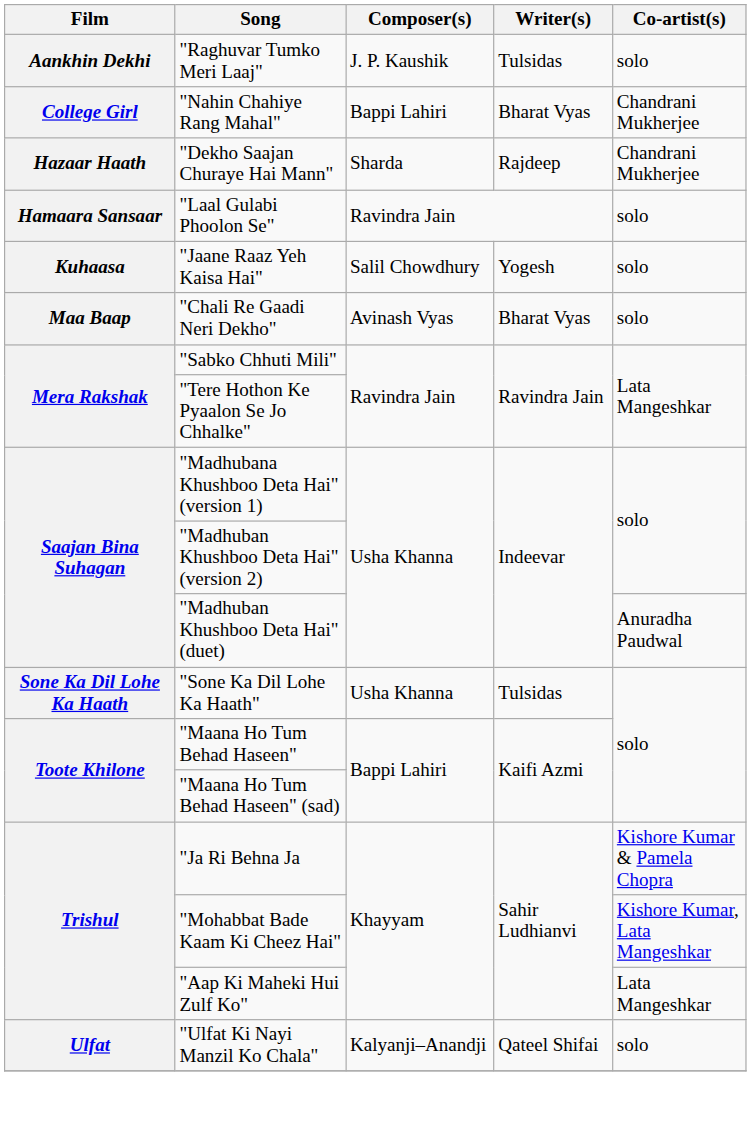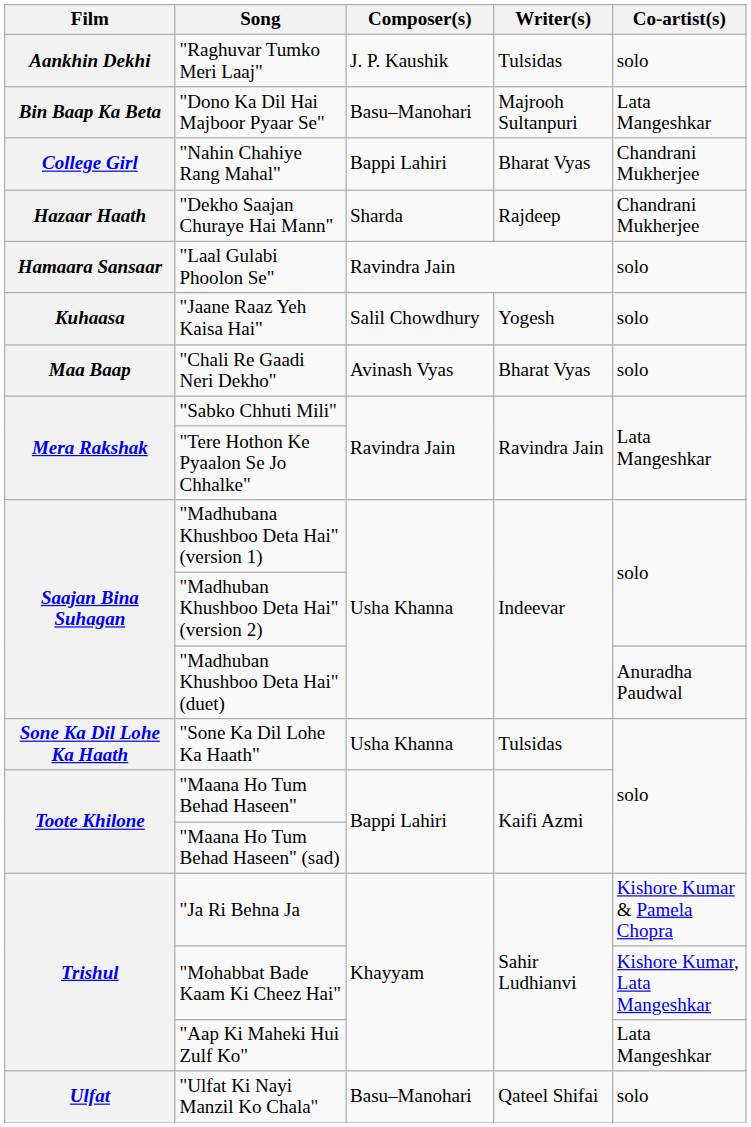 <table class="wikitable plainrowheaders" style="width:100%;" textcolor:#000;">
 <tr style="background:#b0e0e66;">
 <th scope="col" style="width:23%;"><strong>Film</strong></th>
 <th scope="col" style="width:23%;"><strong>Song</strong></th>
 <th scope="col" style="width:20%;"><strong>Composer(s)</strong></th>
 <th scope="col" style="width:16%;"><strong>Writer(s)</strong></th>
 <th scope="col" style="width:18%;"><strong>Co-artist(s)</strong></th>
 </tr>
 <tr>
 <th><em>Aankhin Dekhi</em></th>
 <td>"Raghuvar Tumko Meri Laaj"</td>
 <td>J. P. Kaushik</td>
 <td>Tulsidas</td>
 <td>solo</td>
+</tr>
+<tr>
+<th><em>Bin Baap Ka Beta</em></th>
+<td>"Dono Ka Dil Hai Majboor Pyaar Se"</td>
+<td>Basu–Manohari</td>
+<td>Majrooh Sultanpuri</td>
+<td>Lata Mangeshkar</td>
 </tr>
 <tr>
 <th><em><a href='#'>College Girl</a></em></th>
 <td>"Nahin Chahiye Rang Mahal"</td>
 <td>Bappi Lahiri</td>
 <td>Bharat Vyas</td>
 <td>Chandrani Mukherjee</td>
 </tr>
 <tr>
 <th><em>Hazaar Haath</em></th>
 <td>"Dekho Saajan Churaye Hai Mann"</td>
 <td>Sharda</td>
 <td>Rajdeep</td>
 <td>Chandrani Mukherjee</td>
 </tr>
 <tr>
 <th><em>Hamaara Sansaar</em></th>
 <td>"Laal Gulabi Phoolon Se"</td>
 <td colspan=2>Ravindra Jain</td>
 <td>solo</td>
 </tr>
 <tr>
 <th><em>Kuhaasa</em></th>
 <td>"Jaane Raaz Yeh Kaisa Hai"</td>
 <td>Salil Chowdhury</td>
 <td>Yogesh</td>
 <td>solo</td>
 </tr>
 <tr>
 <th><em>Maa Baap</em></th>
 <td>"Chali Re Gaadi Neri Dekho"</td>
 <td>Avinash Vyas</td>
 <td>Bharat Vyas</td>
 <td>solo</td>
 </tr>
 <tr>
 <th Rowspan=2><em><a href='#'>Mera Rakshak</a></em></th>
 <td>"Sabko Chhuti Mili"</td>
 <td rowspan=2>Ravindra Jain</td>
 <td Rowspan=2>Ravindra Jain</td>
 <td rowspan=2>Lata Mangeshkar</td>
 </tr>
 <tr>
 <td>"Tere Hothon Ke Pyaalon Se Jo Chhalke"</td>
 </tr>
 <tr>
 <th Rowspan=3><em><a href='#'>Saajan Bina Suhagan</a></em></th>
 <td>"Madhubana Khushboo Deta Hai" (version 1)</td>
 <td rowspan=3>Usha Khanna</td>
 <td rowspan=3>Indeevar</td>
 <td Rowspan=2>solo</td>
 </tr>
 <tr>
 <td>"Madhuban Khushboo Deta Hai" (version 2)</td>
 </tr>
 <tr>
 <td>"Madhuban Khushboo Deta Hai" (duet)</td>
 <td>Anuradha Paudwal</td>
 </tr>
 <tr>
 <th><em><a href='#'>Sone Ka Dil Lohe Ka Haath</a></em></th>
 <td>"Sone Ka Dil Lohe Ka Haath"</td>
 <td>Usha Khanna</td>
 <td>Tulsidas</td>
 <td Rowspan=3>solo</td>
 </tr>
 <tr>
 <th Rowspan=2><em><a href='#'>Toote Khilone</a></em></th>
 <td>"Maana Ho Tum Behad Haseen"</td>
 <td rowspan=2>Bappi Lahiri</td>
 <td Rowspan=2>Kaifi Azmi</td>
 </tr>
 <tr>
 <td>"Maana Ho Tum Behad Haseen" (sad)</td>
 </tr>
 <tr>
 <th Rowspan=3><em><a href='#'>Trishul</a></em></th>
 <td>"Ja Ri Behna Ja</td>
 <td Rowspan=3>Khayyam</td>
 <td rowspan=3>Sahir Ludhianvi</td>
 <td><a href='#'>Kishore Kumar</a> & <a href='#'>Pamela Chopra</a></td>
 </tr>
 <tr>
 <td>"Mohabbat Bade Kaam Ki Cheez Hai"</td>
 <td><a href='#'>Kishore Kumar</a>, <a href='#'>Lata Mangeshkar</a></td>
 </tr>
 <tr l>
 <td>"Aap Ki Maheki Hui Zulf Ko"</td>
 <td>Lata Mangeshkar</td>
 </tr>
 <tr>
 <th><em><a href='#'>Ulfat</a></em></th>
 <td>"Ulfat Ki Nayi Manzil Ko Chala"</td>
-<td>Kalyanji–Anandji</td>
+<td>Basu–Manohari</td>
 <td>Qateel Shifai</td>
 <td>solo</td>
 </tr>
 <tr>
 </tr>
 </table>
